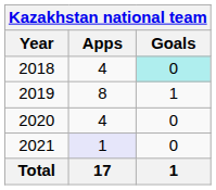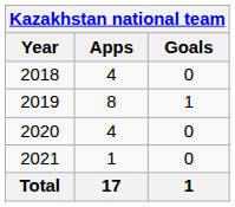 <table class="wikitable" style="text-align:center">
 <tr>
 <th colspan=3><a href='#'>Kazakhstan national team</a></th>
 </tr>
 <tr>
 <th>Year</th>
 <th>Apps</th>
 <th>Goals</th>
 </tr>
 <tr>
 <td>2018</td>
 <td>4</td>
-<td style="background: paleturquoise;">0</td>
+<td>0</td>
 </tr>
 <tr>
 <td>2019</td>
 <td>8</td>
 <td>1</td>
 </tr>
 <tr>
 <td>2020</td>
 <td>4</td>
 <td>0</td>
 </tr>
 <tr>
 <td>2021</td>
-<td style="background: lavender;">1</td>
+<td>1</td>
 <td>0</td>
 </tr>
 <tr>
 <th>Total</th>
 <th>17</th>
 <th>1</th>
 </tr>
 </table>
